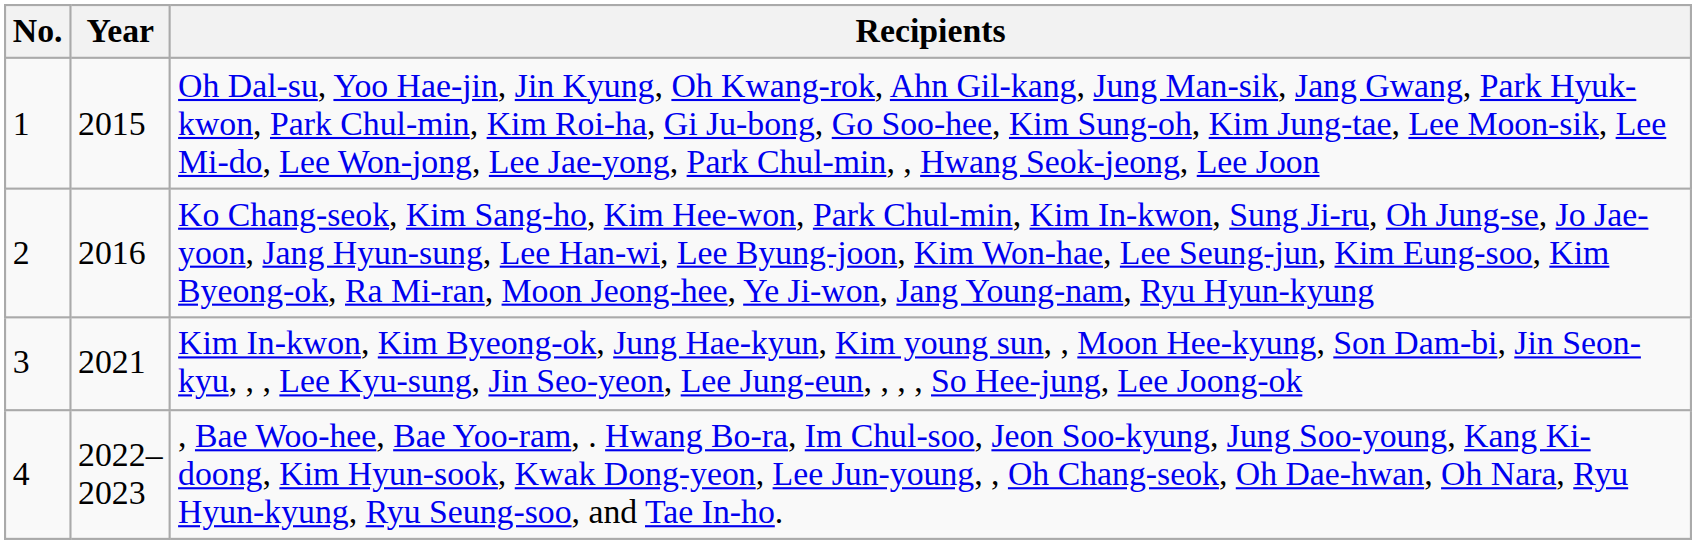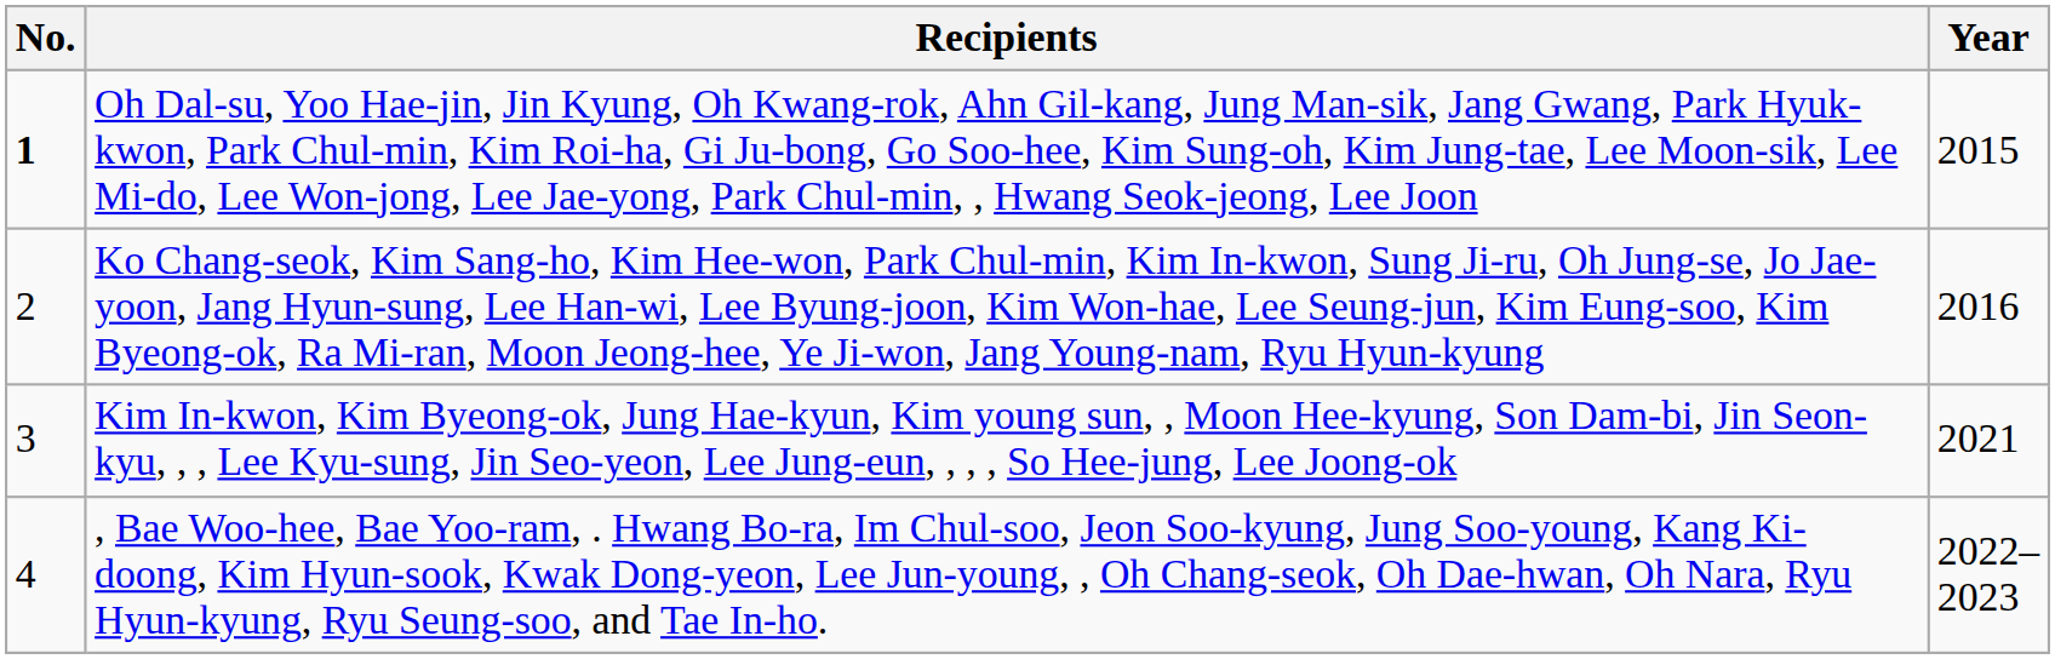 <table class="wikitable" style="width:800px">
 <tr>
 <th width=10>No.</th>
+<th>Recipients</th>
 <th width=10>Year</th>
-<th>Recipients</th>
 </tr>
 <tr>
-<td>1</td>
+<td><strong>1</strong></td>
+<td><a href='#'>Oh Dal-su</a>, <a href='#'>Yoo Hae-jin</a>, <a href='#'>Jin Kyung</a>, <a href='#'>Oh Kwang-rok</a>, <a href='#'>Ahn Gil-kang</a>, <a href='#'>Jung Man-sik</a>, <a href='#'>Jang Gwang</a>, <a href='#'>Park Hyuk-kwon</a>, <a href='#'>Park Chul-min</a>, <a href='#'>Kim Roi-ha</a>, <a href='#'>Gi Ju-bong</a>, <a href='#'>Go Soo-hee</a>, <a href='#'>Kim Sung-oh</a>, <a href='#'>Kim Jung-tae</a>, <a href='#'>Lee Moon-sik</a>, <a href='#'>Lee Mi-do</a>, <a href='#'>Lee Won-jong</a>, <a href='#'>Lee Jae-yong</a>, <a href='#'>Park Chul-min</a>, , <a href='#'>Hwang Seok-jeong</a>, <a href='#'>Lee Joon</a></td>
 <td>2015</td>
-<td><a href='#'>Oh Dal-su</a>, <a href='#'>Yoo Hae-jin</a>, <a href='#'>Jin Kyung</a>, <a href='#'>Oh Kwang-rok</a>, <a href='#'>Ahn Gil-kang</a>, <a href='#'>Jung Man-sik</a>, <a href='#'>Jang Gwang</a>, <a href='#'>Park Hyuk-kwon</a>, <a href='#'>Park Chul-min</a>, <a href='#'>Kim Roi-ha</a>, <a href='#'>Gi Ju-bong</a>, <a href='#'>Go Soo-hee</a>, <a href='#'>Kim Sung-oh</a>, <a href='#'>Kim Jung-tae</a>, <a href='#'>Lee Moon-sik</a>, <a href='#'>Lee Mi-do</a>, <a href='#'>Lee Won-jong</a>, <a href='#'>Lee Jae-yong</a>, <a href='#'>Park Chul-min</a>, , <a href='#'>Hwang Seok-jeong</a>, <a href='#'>Lee Joon</a></td>
 </tr>
 <tr>
 <td>2</td>
+<td><a href='#'>Ko Chang-seok</a>, <a href='#'>Kim Sang-ho</a>, <a href='#'>Kim Hee-won</a>, <a href='#'>Park Chul-min</a>, <a href='#'>Kim In-kwon</a>, <a href='#'>Sung Ji-ru</a>, <a href='#'>Oh Jung-se</a>, <a href='#'>Jo Jae-yoon</a>, <a href='#'>Jang Hyun-sung</a>, <a href='#'>Lee Han-wi</a>, <a href='#'>Lee Byung-joon</a>, <a href='#'>Kim Won-hae</a>, <a href='#'>Lee Seung-jun</a>, <a href='#'>Kim Eung-soo</a>, <a href='#'>Kim Byeong-ok</a>, <a href='#'>Ra Mi-ran</a>, <a href='#'>Moon Jeong-hee</a>, <a href='#'>Ye Ji-won</a>, <a href='#'>Jang Young-nam</a>, <a href='#'>Ryu Hyun-kyung</a></td>
 <td>2016</td>
-<td><a href='#'>Ko Chang-seok</a>, <a href='#'>Kim Sang-ho</a>, <a href='#'>Kim Hee-won</a>, <a href='#'>Park Chul-min</a>, <a href='#'>Kim In-kwon</a>, <a href='#'>Sung Ji-ru</a>, <a href='#'>Oh Jung-se</a>, <a href='#'>Jo Jae-yoon</a>, <a href='#'>Jang Hyun-sung</a>, <a href='#'>Lee Han-wi</a>, <a href='#'>Lee Byung-joon</a>, <a href='#'>Kim Won-hae</a>, <a href='#'>Lee Seung-jun</a>, <a href='#'>Kim Eung-soo</a>, <a href='#'>Kim Byeong-ok</a>, <a href='#'>Ra Mi-ran</a>, <a href='#'>Moon Jeong-hee</a>, <a href='#'>Ye Ji-won</a>, <a href='#'>Jang Young-nam</a>, <a href='#'>Ryu Hyun-kyung</a></td>
 </tr>
 <tr>
 <td>3</td>
+<td><a href='#'>Kim In-kwon</a>, <a href='#'>Kim Byeong-ok</a>, <a href='#'>Jung Hae-kyun</a>, <a href='#'>Kim young sun</a>, , <a href='#'>Moon Hee-kyung</a>, <a href='#'>Son Dam-bi</a>, <a href='#'>Jin Seon-kyu</a>, , , <a href='#'>Lee Kyu-sung</a>, <a href='#'>Jin Seo-yeon</a>, <a href='#'>Lee Jung-eun</a>, , , , <a href='#'>So Hee-jung</a>, <a href='#'>Lee Joong-ok</a></td>
 <td>2021</td>
-<td><a href='#'>Kim In-kwon</a>, <a href='#'>Kim Byeong-ok</a>, <a href='#'>Jung Hae-kyun</a>, <a href='#'>Kim young sun</a>, , <a href='#'>Moon Hee-kyung</a>, <a href='#'>Son Dam-bi</a>, <a href='#'>Jin Seon-kyu</a>, , , <a href='#'>Lee Kyu-sung</a>, <a href='#'>Jin Seo-yeon</a>, <a href='#'>Lee Jung-eun</a>, , , , <a href='#'>So Hee-jung</a>, <a href='#'>Lee Joong-ok</a></td>
 </tr>
 <tr>
 <td>4</td>
+<td>, <a href='#'>Bae Woo-hee</a>, <a href='#'>Bae Yoo-ram</a>, . <a href='#'>Hwang Bo-ra</a>, <a href='#'>Im Chul-soo</a>, <a href='#'>Jeon Soo-kyung</a>, <a href='#'>Jung Soo-young</a>, <a href='#'>Kang Ki-doong</a>, <a href='#'>Kim Hyun-sook</a>, <a href='#'>Kwak Dong-yeon</a>, <a href='#'>Lee Jun-young</a>, , <a href='#'>Oh Chang-seok</a>, <a href='#'>Oh Dae-hwan</a>, <a href='#'>Oh Nara</a>, <a href='#'>Ryu Hyun-kyung</a>, <a href='#'>Ryu Seung-soo</a>, and <a href='#'>Tae In-ho</a>.</td>
 <td>2022–2023</td>
-<td>, <a href='#'>Bae Woo-hee</a>, <a href='#'>Bae Yoo-ram</a>, . <a href='#'>Hwang Bo-ra</a>, <a href='#'>Im Chul-soo</a>, <a href='#'>Jeon Soo-kyung</a>, <a href='#'>Jung Soo-young</a>, <a href='#'>Kang Ki-doong</a>, <a href='#'>Kim Hyun-sook</a>, <a href='#'>Kwak Dong-yeon</a>, <a href='#'>Lee Jun-young</a>, , <a href='#'>Oh Chang-seok</a>, <a href='#'>Oh Dae-hwan</a>, <a href='#'>Oh Nara</a>, <a href='#'>Ryu Hyun-kyung</a>, <a href='#'>Ryu Seung-soo</a>, and <a href='#'>Tae In-ho</a>.</td>
 </tr>
 </table>
